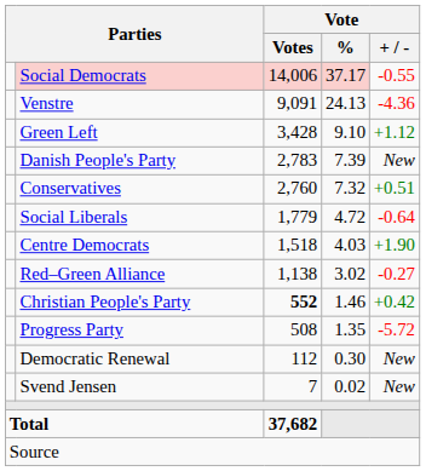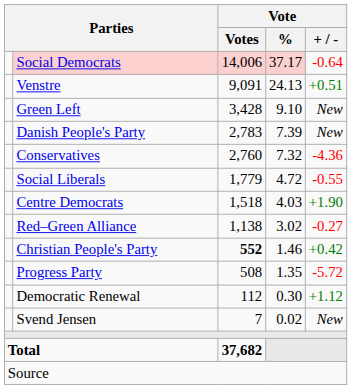 <table class="wikitable" style="text-align:right;">
 <tr>
 <th style="text-align:centre;" rowspan="2" colspan="2" width="225">Parties</th>
 <th colspan="3">Vote</th>
 </tr>
 <tr>
 <th width="15">Votes</th>
 <th width="15">%</th>
 <th width="15">+ / -</th>
 </tr>
 <tr>
 <td width="2" style="color:inherit;background:"></td>
 <td bgcolor=#fbd0ce  align="left"><a href='#'>Social Democrats</a></td>
 <td bgcolor=#fbd0ce>14,006</td>
 <td bgcolor=#fbd0ce>37.17</td>
-<td style=color:red;>-0.55</td>
+<td style=color:red;>-0.64</td>
 </tr>
 <tr>
 <td width="2" style="color:inherit;background:"></td>
 <td align="left"><a href='#'>Venstre</a></td>
 <td>9,091</td>
 <td>24.13</td>
-<td style=color:red;>-4.36</td>
+<td style=color:green;>+0.51</td>
 </tr>
 <tr>
 <td width="2" style="color:inherit;background:"></td>
 <td align="left"><a href='#'>Green Left</a></td>
 <td>3,428</td>
 <td>9.10</td>
-<td style=color:green;>+1.12</td>
+<td><em>New</em></td>
 </tr>
 <tr>
 <td width="2" style="color:inherit;background:"></td>
 <td align="left"><a href='#'>Danish People's Party</a></td>
 <td>2,783</td>
 <td>7.39</td>
 <td><em>New</em></td>
 </tr>
 <tr>
 <td width="2" style="color:inherit;background:"></td>
 <td align="left"><a href='#'>Conservatives</a></td>
 <td>2,760</td>
 <td>7.32</td>
-<td style=color:green;>+0.51</td>
+<td style=color:red;>-4.36</td>
 </tr>
 <tr>
 <td width="2" style="color:inherit;background:"></td>
 <td align="left"><a href='#'>Social Liberals</a></td>
 <td>1,779</td>
 <td>4.72</td>
-<td style=color:red;>-0.64</td>
+<td style=color:red;>-0.55</td>
 </tr>
 <tr>
 <td width="2" style="color:inherit;background:"></td>
 <td align="left"><a href='#'>Centre Democrats</a></td>
 <td>1,518</td>
 <td>4.03</td>
 <td style=color:green;>+1.90</td>
 </tr>
 <tr>
 <td width="2" style="color:inherit;background:"></td>
 <td align="left"><a href='#'>Red–Green Alliance</a></td>
 <td>1,138</td>
 <td>3.02</td>
 <td style=color:red;>-0.27</td>
 </tr>
 <tr>
 <td width="2" style="color:inherit;background:"></td>
 <td align="left"><a href='#'>Christian People's Party</a></td>
 <td><strong>552</strong></td>
 <td>1.46</td>
 <td style=color:green;>+0.42</td>
 </tr>
 <tr>
 <td width="2" style="color:inherit;background:"></td>
 <td align="left"><a href='#'>Progress Party</a></td>
 <td>508</td>
 <td>1.35</td>
 <td style=color:red;>-5.72</td>
 </tr>
 <tr>
 <td width="2" style="color:inherit;background:"></td>
 <td align="left">Democratic Renewal</td>
 <td>112</td>
 <td>0.30</td>
-<td><em>New</em></td>
+<td style=color:green;>+1.12</td>
 </tr>
 <tr>
 <td width="2" style="color:inherit;background:"></td>
 <td align="left">Svend Jensen</td>
 <td>7</td>
 <td>0.02</td>
 <td><em>New</em></td>
 </tr>
 <tr>
 <td colspan="7" bgcolor="#E9E9E9"></td>
 </tr>
 <tr>
 <td align="left" colspan="2"><strong>Total</strong></td>
 <td><strong>37,682</strong></td>
 <td bgcolor="#E9E9E9" colspan="2"></td>
 </tr>
 <tr>
 <td align="left" colspan="6">Source</td>
 </tr>
 </table>
